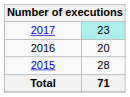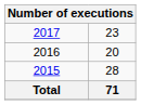 <table class="wikitable" style="text-align:center;">
 <tr>
 <th colspan="2">Number of executions</th>
 </tr>
 <tr>
 <td><a href='#'>2017</a></td>
-<td style="background: paleturquoise;">23</td>
+<td>23</td>
 </tr>
 <tr>
 <td>2016</td>
 <td>20</td>
 </tr>
 <tr>
 <td><a href='#'>2015</a></td>
 <td>28</td>
 </tr>
 <tr>
 <th>Total</th>
 <th>71</th>
 </tr>
 <tr>
 </tr>
 </table>
